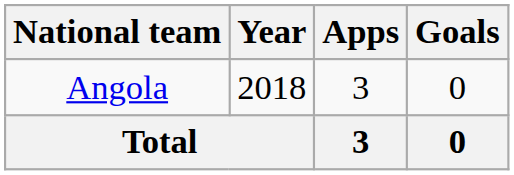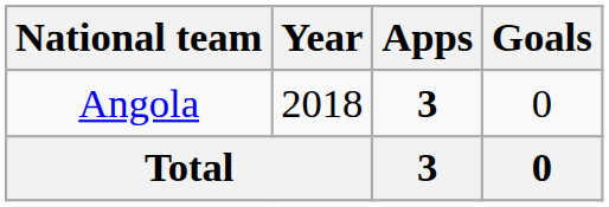 <table class="wikitable" style="text-align:center">
 <tr>
 <th>National team</th>
 <th>Year</th>
 <th>Apps</th>
 <th>Goals</th>
 </tr>
 <tr>
 <td rowspan="1"><a href='#'>Angola</a></td>
 <td>2018</td>
-<td>3</td>
+<td><strong>3</strong></td>
 <td>0</td>
 </tr>
 <tr>
 <th colspan=2>Total</th>
 <th>3</th>
 <th>0</th>
 </tr>
 </table>
